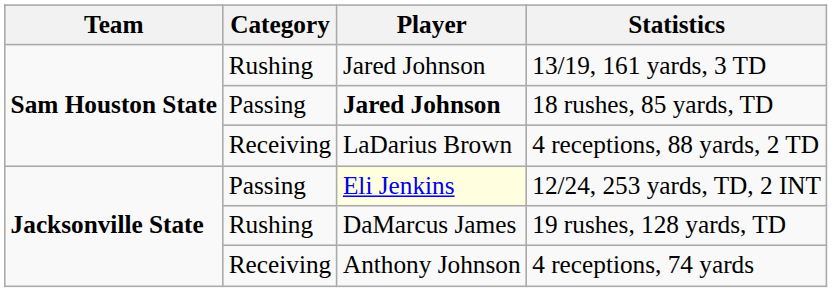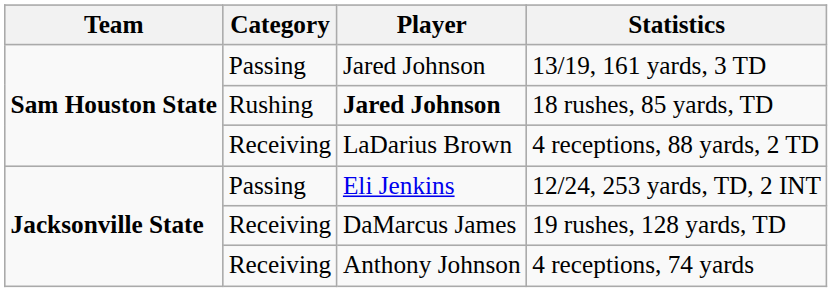 <table class="wikitable" style="float: left;">
 <tr>
 <th>Team</th>
 <th>Category</th>
 <th>Player</th>
 <th>Statistics</th>
 </tr>
 <tr>
 <td rowspan=3><strong>Sam Houston State</strong></td>
-<td>Rushing</td>
+<td>Passing</td>
 <td>Jared Johnson</td>
 <td>13/19, 161 yards, 3 TD</td>
 </tr>
 <tr>
-<td>Passing</td>
+<td>Rushing</td>
 <td><strong>Jared Johnson</strong></td>
 <td>18 rushes, 85 yards, TD</td>
 </tr>
 <tr>
 <td>Receiving</td>
 <td>LaDarius Brown</td>
 <td>4 receptions, 88 yards, 2 TD</td>
 </tr>
 <tr>
 <td rowspan=3><strong>Jacksonville State</strong></td>
 <td>Passing</td>
-<td style="background: lightyellow;"><a href='#'>Eli Jenkins</a></td>
+<td><a href='#'>Eli Jenkins</a></td>
 <td>12/24, 253 yards, TD, 2 INT</td>
 </tr>
 <tr>
-<td>Rushing</td>
+<td>Receiving</td>
 <td>DaMarcus James</td>
 <td>19 rushes, 128 yards, TD</td>
 </tr>
 <tr>
 <td>Receiving</td>
 <td>Anthony Johnson</td>
 <td>4 receptions, 74 yards</td>
 </tr>
 </table>
